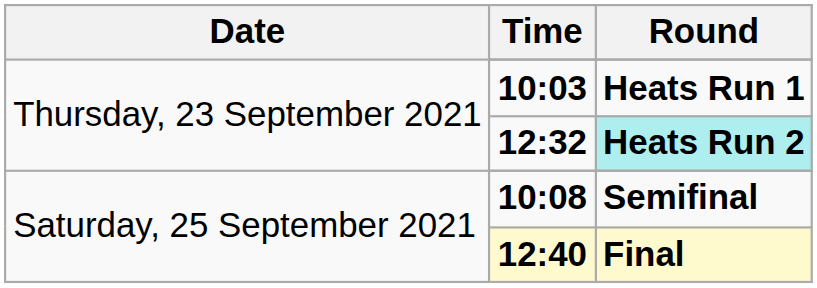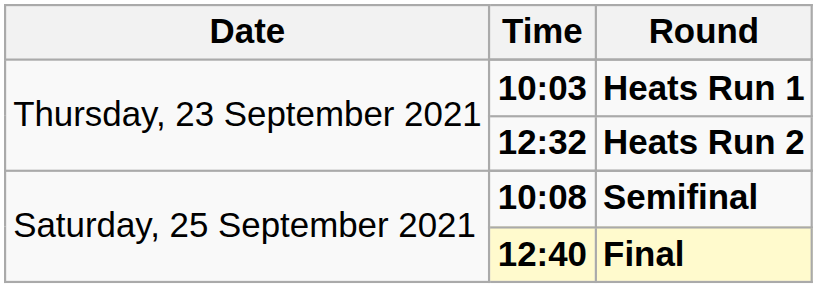 <table class="wikitable">
 <tr>
 <th>Date</th>
 <th>Time</th>
 <th>Round</th>
 </tr>
 <tr>
 <td rowspan=3>Thursday, 23 September 2021</td>
 </tr>
 <tr>
 <td><strong>10:03</strong></td>
 <td><strong>Heats Run 1</strong></td>
 </tr>
 <tr>
 <td><strong>12:32</strong></td>
-<td style="background: paleturquoise;"><strong>Heats Run 2</strong></td>
+<td><strong>Heats Run 2</strong></td>
 </tr>
 <tr>
 <td rowspan=3>Saturday, 25 September 2021</td>
 </tr>
 <tr>
 <td><strong>10:08</strong></td>
 <td><strong>Semifinal</strong></td>
 </tr>
 <tr style=background:lemonchiffon>
 <td><strong>12:40</strong></td>
 <td><strong>Final</strong></td>
 </tr>
 </table>
